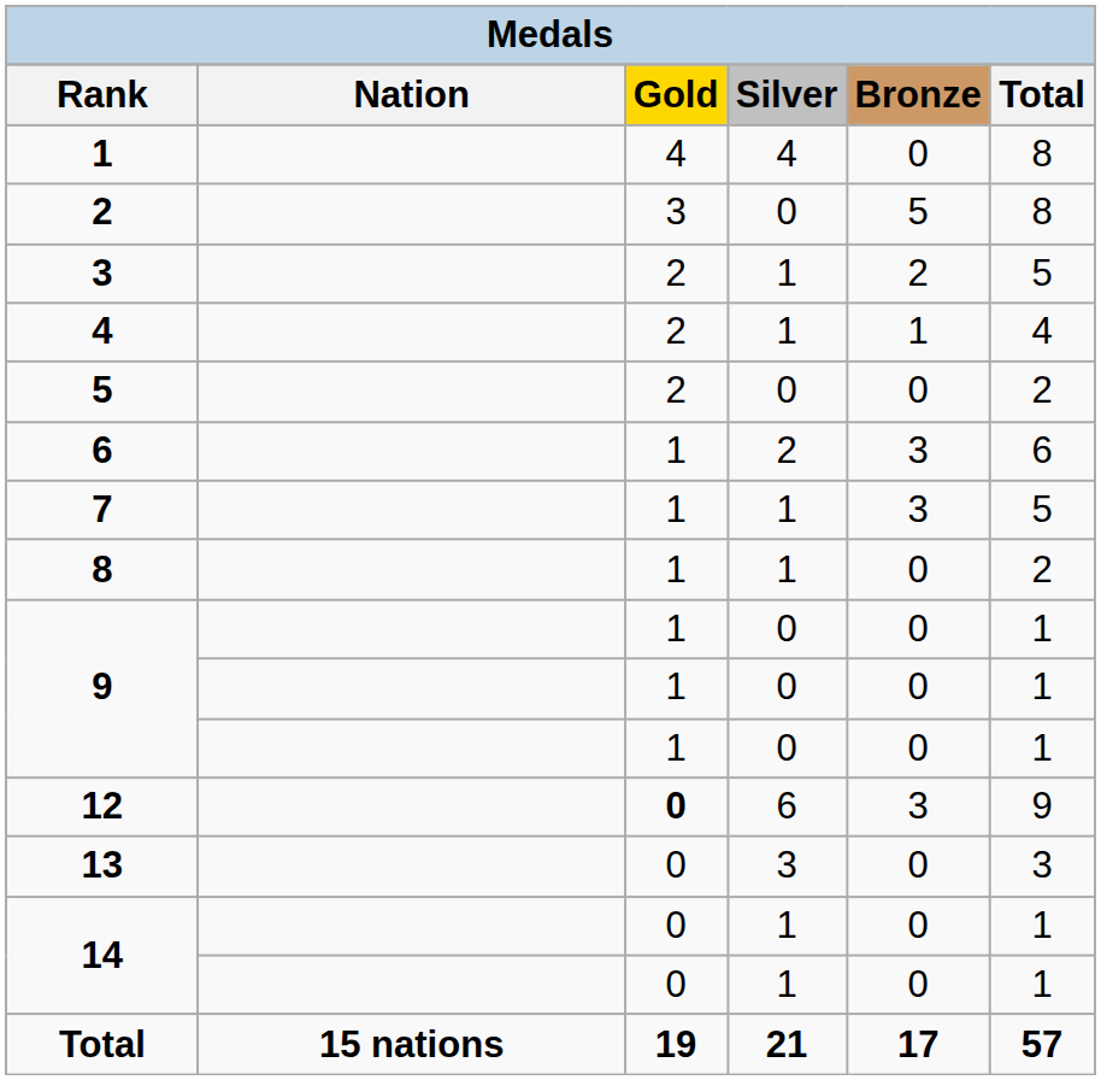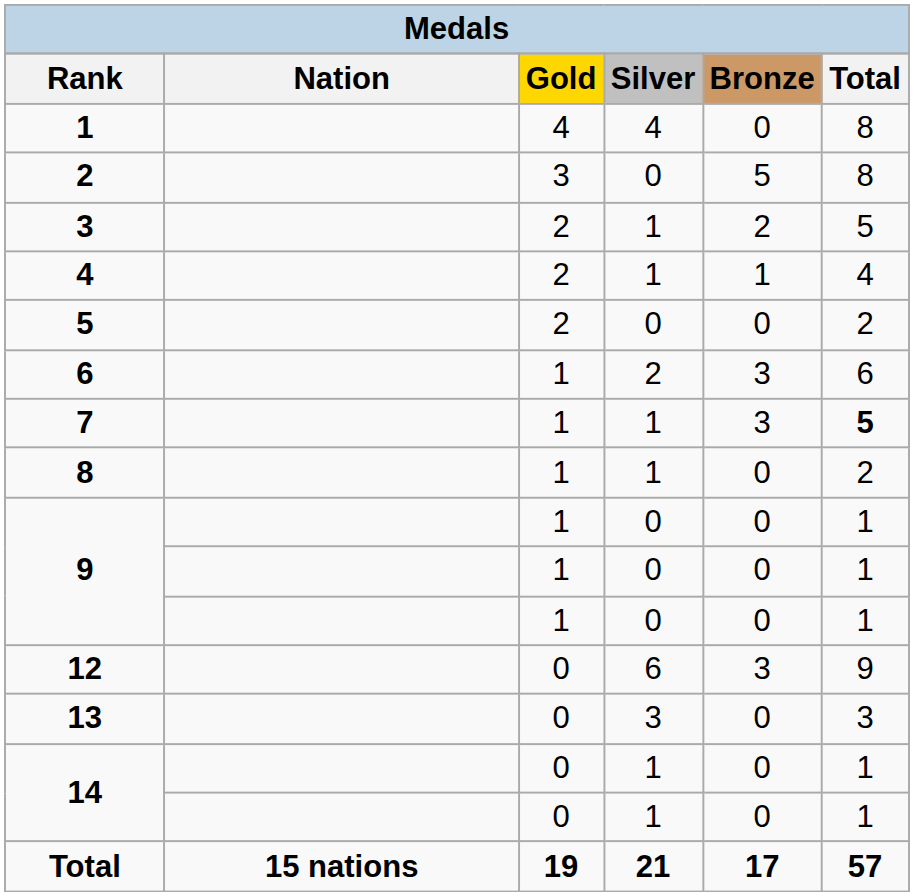 <table class="wikitable" style="text-align:center">
 <tr>
 <td colspan="6" style="background:#BCD4E6"><strong>Medals</strong></td>
 </tr>
 <tr>
 </tr>
 <tr style="background-color:#EDEDED;">
 <th width="75px" class="hintergrundfarbe5">Rank</th>
 <th width="175px" class="hintergrundfarbe6">Nation</th>
 <th style="background:    gold; width:35px ">Gold</th>
 <th style="background:  silver; width:35px ">Silver</th>
 <th style="background: #CC9966; width:35px ">Bronze</th>
 <th width="35px">Total</th>
 </tr>
 <tr>
 <td><strong>1</strong></td>
 <td align=left></td>
 <td>4</td>
 <td>4</td>
 <td>0</td>
 <td>8</td>
 </tr>
 <tr>
 <td><strong>2</strong></td>
 <td align=left></td>
 <td>3</td>
 <td>0</td>
 <td>5</td>
 <td>8</td>
 </tr>
 <tr>
 <td><strong>3</strong></td>
 <td align=left></td>
 <td>2</td>
 <td>1</td>
 <td>2</td>
 <td>5</td>
 </tr>
 <tr>
 <td><strong>4</strong></td>
 <td align=left></td>
 <td>2</td>
 <td>1</td>
 <td>1</td>
 <td>4</td>
 </tr>
 <tr>
 <td><strong>5</strong></td>
 <td align=left></td>
 <td>2</td>
 <td>0</td>
 <td>0</td>
 <td>2</td>
 </tr>
 <tr>
 <td><strong>6</strong></td>
 <td align=left></td>
 <td>1</td>
 <td>2</td>
 <td>3</td>
 <td>6</td>
 </tr>
 <tr>
 <td><strong>7</strong></td>
 <td align=left></td>
 <td>1</td>
 <td>1</td>
 <td>3</td>
-<td>5</td>
+<td><strong>5</strong></td>
 </tr>
 <tr>
 <td><strong>8</strong></td>
 <td align=left></td>
 <td>1</td>
 <td>1</td>
 <td>0</td>
 <td>2</td>
 </tr>
 <tr>
 <td rowspan=3><strong>9</strong></td>
 <td align=left></td>
 <td>1</td>
 <td>0</td>
 <td>0</td>
 <td>1</td>
 </tr>
 <tr>
 <td align=left></td>
 <td>1</td>
 <td>0</td>
 <td>0</td>
 <td>1</td>
 </tr>
 <tr>
 <td align=left><em></em></td>
 <td>1</td>
 <td>0</td>
 <td>0</td>
 <td>1</td>
 </tr>
 <tr>
 <td><strong>12</strong></td>
 <td align=left></td>
-<td><strong>0</strong></td>
+<td>0</td>
 <td>6</td>
 <td>3</td>
 <td>9</td>
 </tr>
 <tr>
 <td><strong>13</strong></td>
 <td align=left><em></em></td>
 <td>0</td>
 <td>3</td>
 <td>0</td>
 <td>3</td>
 </tr>
 <tr>
 <td rowspan=2><strong>14</strong></td>
 <td align=left></td>
 <td>0</td>
 <td>1</td>
 <td>0</td>
 <td>1</td>
 </tr>
 <tr>
 <td align=left></td>
 <td>0</td>
 <td>1</td>
 <td>0</td>
 <td>1</td>
 </tr>
 <tr>
 <td><strong>Total</strong></td>
 <td><strong>15 nations</strong></td>
 <td><strong>19</strong></td>
 <td><strong>21</strong></td>
 <td><strong>17</strong></td>
 <td><strong>57</strong></td>
 </tr>
 </table>
